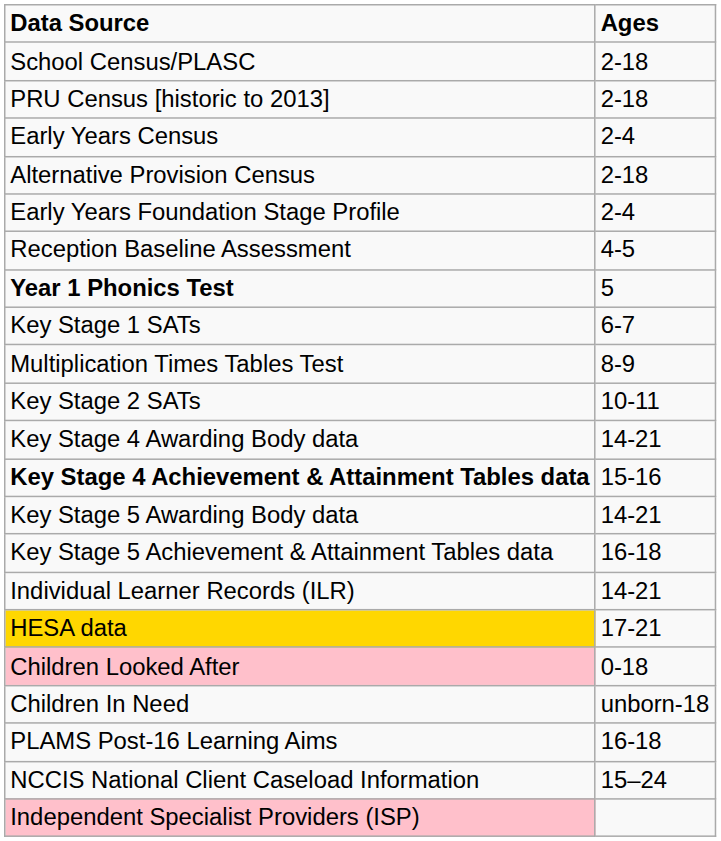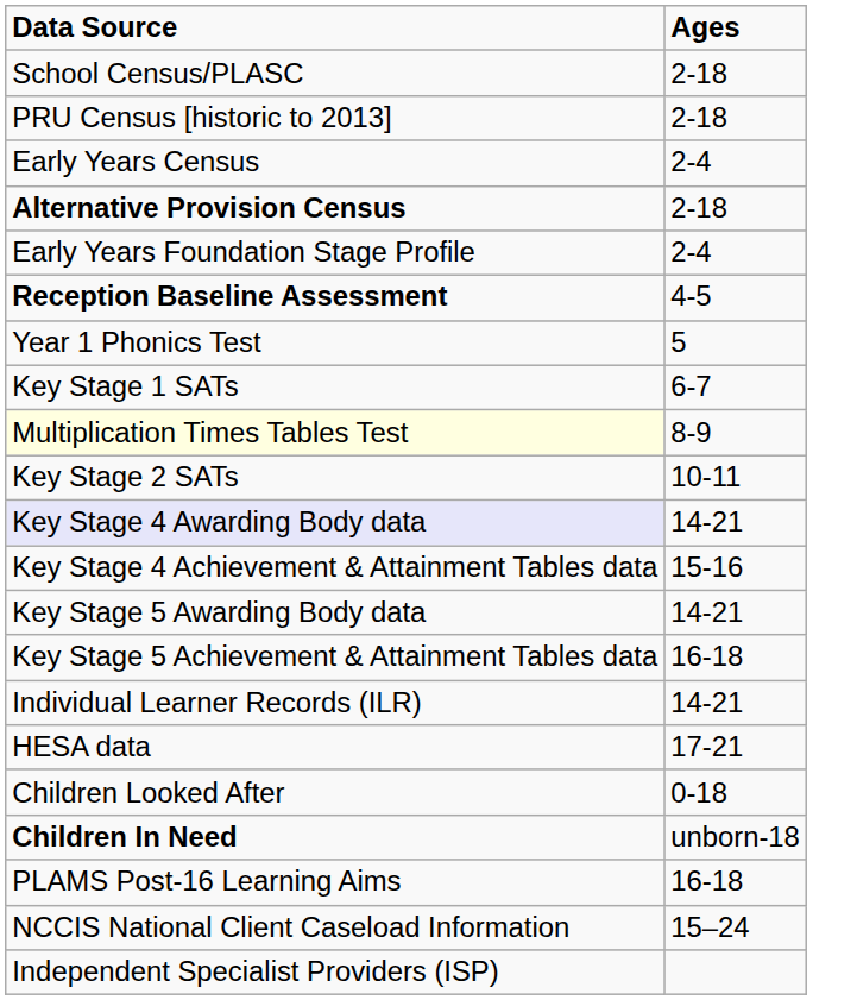 <table class="wikitable">
 <tr>
 <td><strong>Data Source</strong></td>
 <td colspan="3"><strong>Ages</strong></td>
 </tr>
 <tr>
 <td>School Census/PLASC</td>
 <td colspan="3">2-18</td>
 </tr>
 <tr>
 <td>PRU Census [historic to 2013]</td>
 <td colspan="3">2-18</td>
 </tr>
 <tr>
 <td>Early Years Census</td>
 <td colspan="3">2-4</td>
 </tr>
 <tr>
-<td>Alternative Provision Census</td>
+<td><strong>Alternative Provision Census</strong></td>
 <td colspan="3">2-18</td>
 </tr>
 <tr>
 <td>Early Years Foundation Stage Profile</td>
 <td colspan="3">2-4</td>
 </tr>
 <tr>
-<td>Reception Baseline Assessment</td>
+<td><strong>Reception Baseline Assessment</strong></td>
 <td colspan="3">4-5</td>
 </tr>
 <tr>
-<td><strong>Year 1 Phonics Test</strong></td>
+<td>Year 1 Phonics Test</td>
 <td colspan="3">5</td>
 </tr>
 <tr>
 <td>Key Stage 1 SATs</td>
 <td colspan="3">6-7</td>
 </tr>
 <tr>
-<td>Multiplication Times Tables Test</td>
+<td style="background: lightyellow;">Multiplication Times Tables Test</td>
 <td colspan="3">8-9</td>
 </tr>
 <tr>
 <td>Key Stage 2 SATs</td>
 <td colspan="3">10-11</td>
 </tr>
 <tr>
-<td>Key Stage 4 Awarding Body data</td>
+<td style="background: lavender;">Key Stage 4 Awarding Body data</td>
 <td colspan="3">14-21</td>
 </tr>
 <tr>
-<td><strong>Key Stage 4 Achievement & Attainment Tables data</strong></td>
+<td>Key Stage 4 Achievement & Attainment Tables data</td>
 <td colspan="3">15-16</td>
 </tr>
 <tr>
 <td>Key Stage 5 Awarding Body data</td>
 <td colspan="3">14-21</td>
 </tr>
 <tr>
 <td>Key Stage 5 Achievement & Attainment Tables data</td>
 <td colspan="3">16-18</td>
 </tr>
 <tr>
 <td>Individual Learner Records (ILR)</td>
 <td colspan="3">14-21</td>
 </tr>
 <tr>
-<td style="background: gold;">HESA data</td>
+<td>HESA data</td>
 <td colspan="3">17-21</td>
 </tr>
 <tr>
-<td style="background: pink;">Children Looked After</td>
+<td>Children Looked After</td>
 <td colspan="3">0-18</td>
 </tr>
 <tr>
-<td>Children In Need</td>
+<td><strong>Children In Need</strong></td>
 <td colspan="3">unborn-18</td>
 </tr>
 <tr>
 <td>PLAMS Post-16 Learning Aims</td>
 <td colspan="3">16-18</td>
 </tr>
 <tr>
 <td>NCCIS National Client Caseload Information</td>
 <td colspan="3">15–24</td>
 </tr>
 <tr>
-<td style="background: pink;">Independent Specialist Providers (ISP)</td>
+<td>Independent Specialist Providers (ISP)</td>
 <td colspan="3"></td>
 </tr>
 </table>
